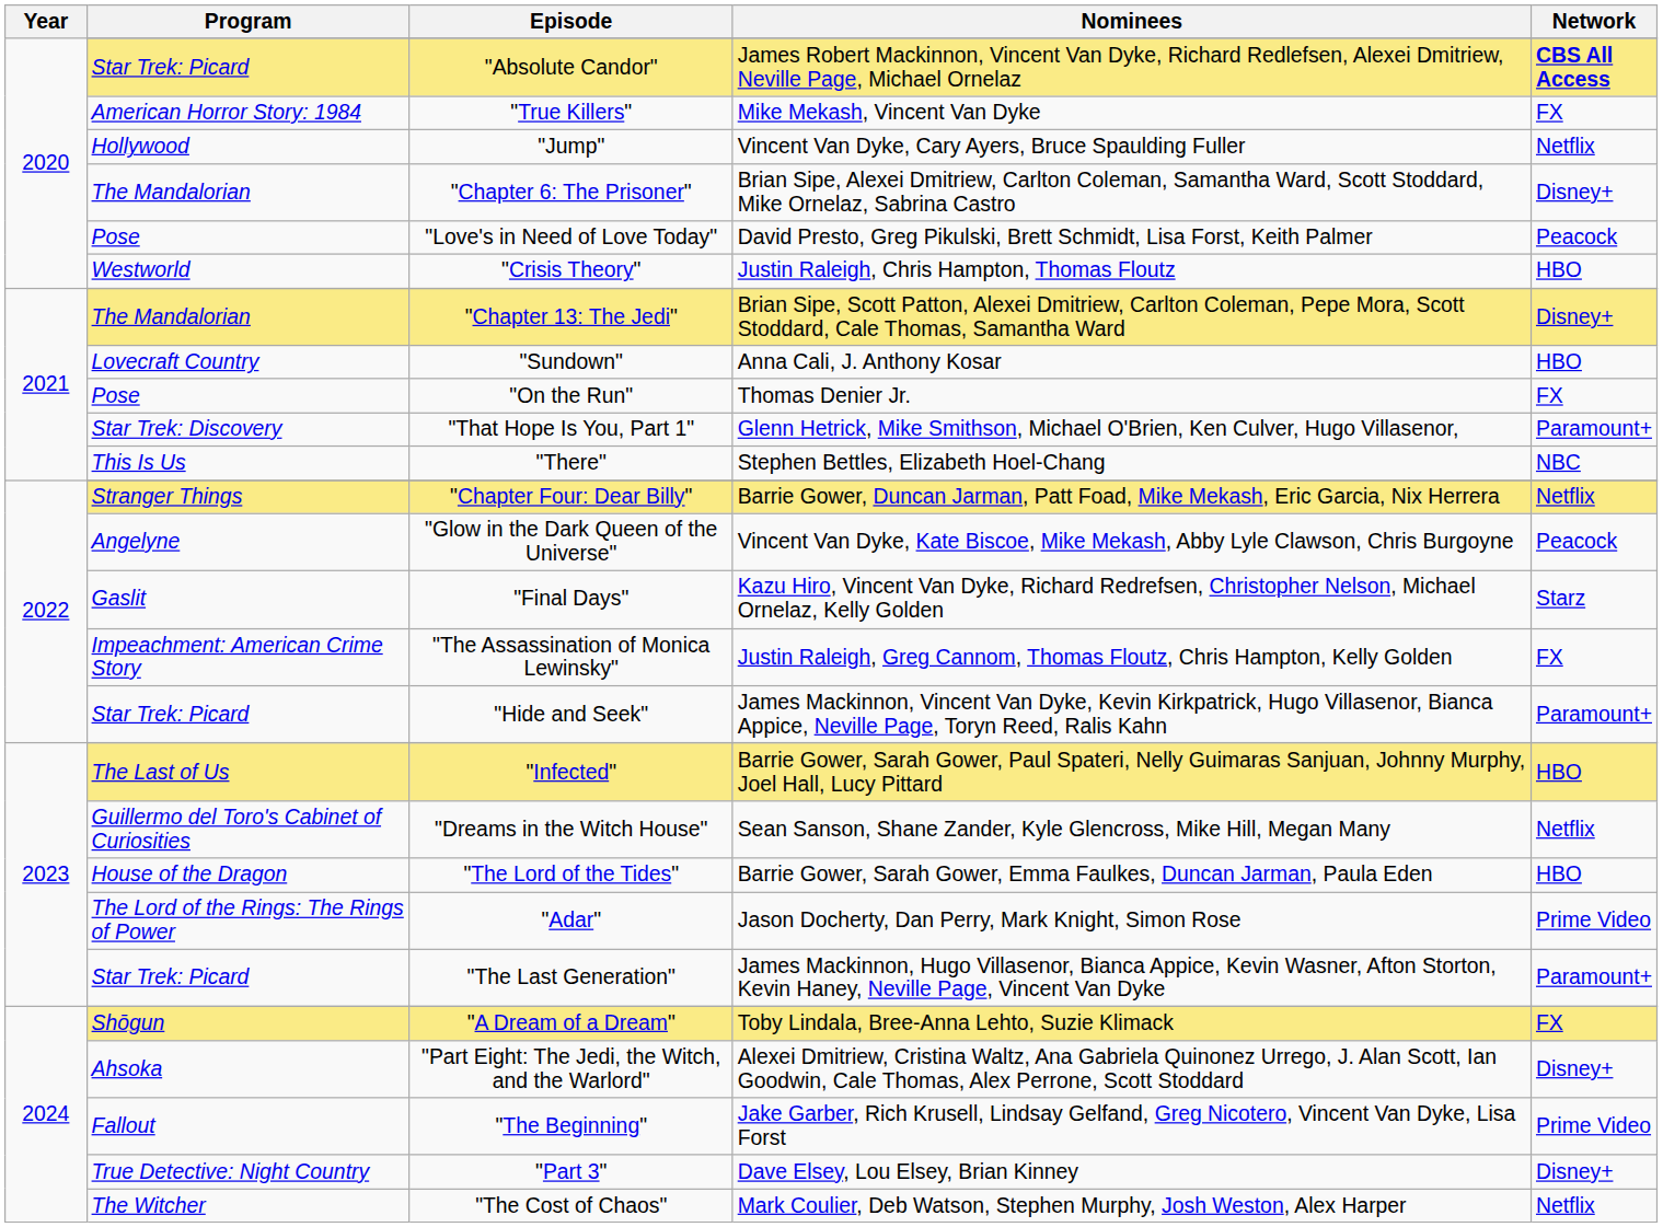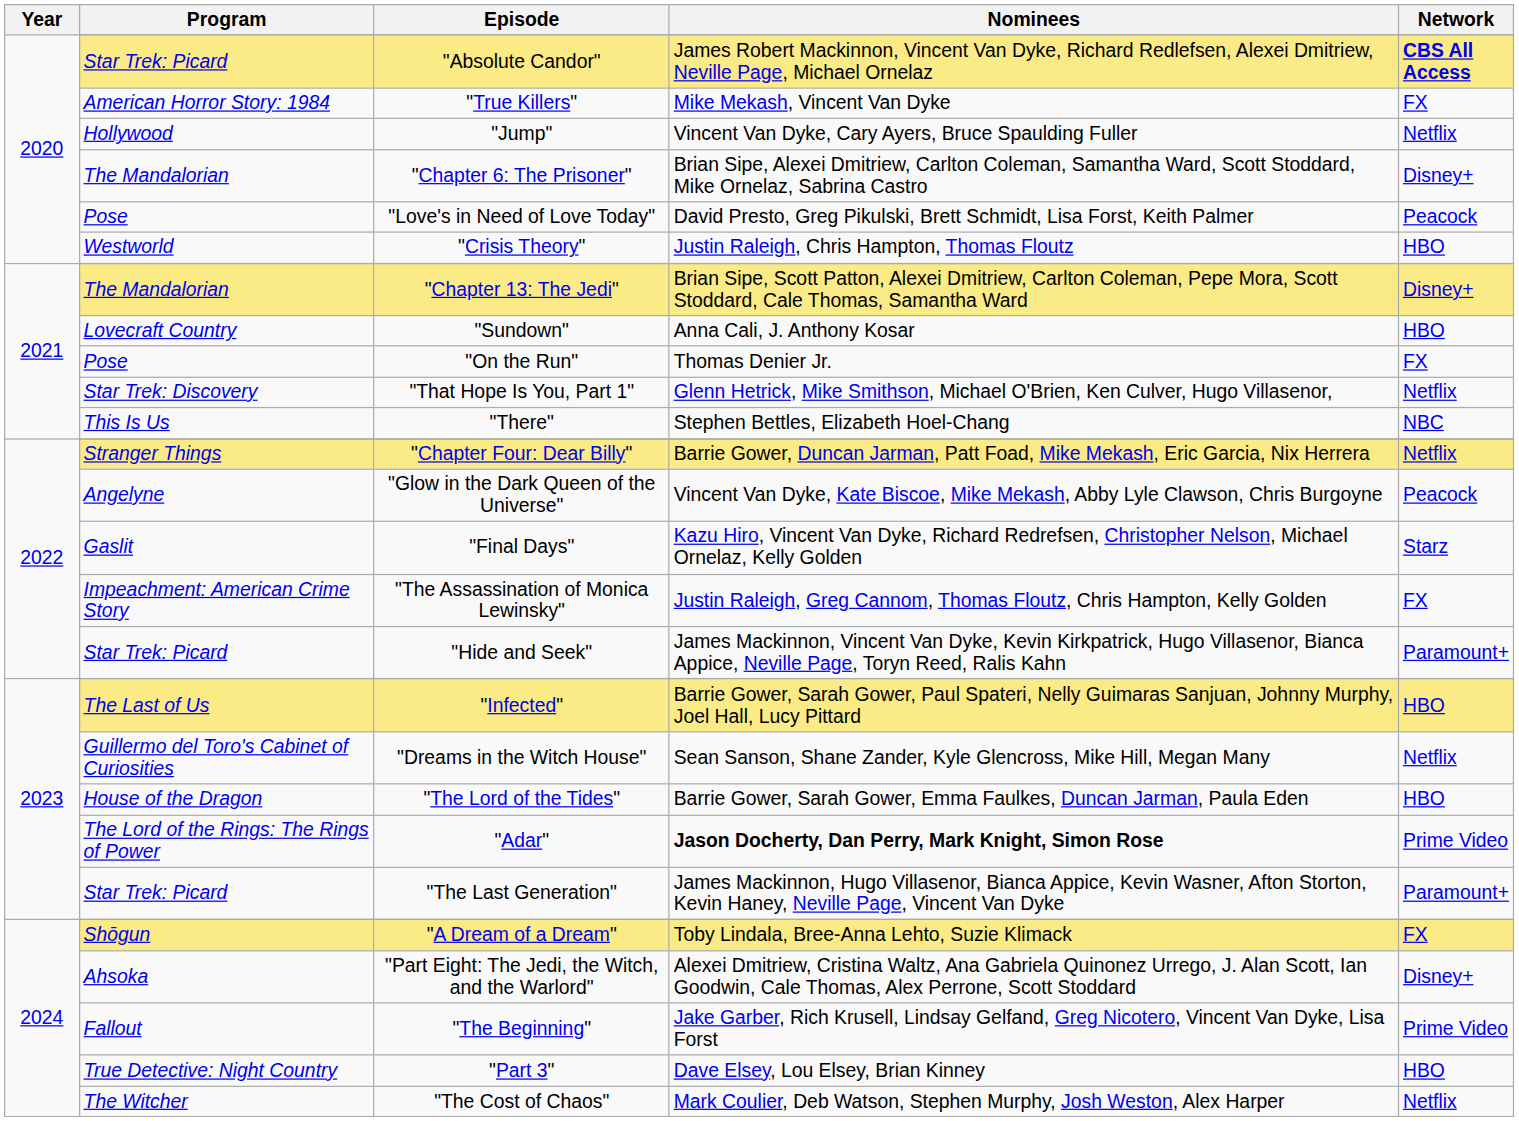 <table class="wikitable">
 <tr>
 <th width="5%">Year</th>
 <th width="20%">Program</th>
 <th width="20%">Episode</th>
 <th width="50%">Nominees</th>
 <th width="5%">Network</th>
 </tr>
 <tr>
 <td rowspan="7" style="text-align:center;"><a href='#'>2020</a><br></td>
 </tr>
 <tr style="background:#FAEB86;">
 <td><em><a href='#'>Star Trek: Picard</a></em></td>
 <td align=center>"Absolute Candor"</td>
 <td>James Robert Mackinnon, Vincent Van Dyke, Richard Redlefsen, Alexei Dmitriew, <a href='#'>Neville Page</a>, Michael Ornelaz</td>
 <td><strong><a href='#'>CBS All Access</a></strong></td>
 </tr>
 <tr>
 <td><em><a href='#'>American Horror Story: 1984</a></em></td>
 <td align=center>"<a href='#'>True Killers</a>"</td>
 <td><a href='#'>Mike Mekash</a>, Vincent Van Dyke</td>
 <td><a href='#'>FX</a></td>
 </tr>
 <tr>
 <td><em><a href='#'>Hollywood</a></em></td>
 <td align=center>"Jump"</td>
 <td>Vincent Van Dyke, Cary Ayers, Bruce Spaulding Fuller</td>
 <td><a href='#'>Netflix</a></td>
 </tr>
 <tr>
 <td><em><a href='#'>The Mandalorian</a></em></td>
 <td align=center>"<a href='#'>Chapter 6: The Prisoner</a>"</td>
 <td>Brian Sipe, Alexei Dmitriew, Carlton Coleman, Samantha Ward, Scott Stoddard, Mike Ornelaz, Sabrina Castro</td>
 <td><a href='#'>Disney+</a></td>
 </tr>
 <tr>
 <td><em><a href='#'>Pose</a></em></td>
 <td align=center>"Love's in Need of Love Today"</td>
 <td>David Presto, Greg Pikulski, Brett Schmidt, Lisa Forst, Keith Palmer</td>
 <td><a href='#'>Peacock</a></td>
 </tr>
 <tr>
 <td><em><a href='#'>Westworld</a></em></td>
 <td align=center>"<a href='#'>Crisis Theory</a>"</td>
 <td><a href='#'>Justin Raleigh</a>, Chris Hampton, <a href='#'>Thomas Floutz</a></td>
 <td><a href='#'>HBO</a></td>
 </tr>
 <tr>
 <td rowspan="6" style="text-align:center;"><a href='#'>2021</a><br></td>
 </tr>
 <tr style="background:#FAEB86;">
 <td><em><a href='#'>The Mandalorian</a></em></td>
 <td align=center>"<a href='#'>Chapter 13: The Jedi</a>"</td>
 <td>Brian Sipe, Scott Patton, Alexei Dmitriew, Carlton Coleman, Pepe Mora, Scott Stoddard, Cale Thomas, Samantha Ward</td>
 <td><a href='#'>Disney+</a></td>
 </tr>
 <tr>
 <td><em><a href='#'>Lovecraft Country</a></em></td>
 <td align=center>"Sundown"</td>
 <td>Anna Cali, J. Anthony Kosar</td>
 <td><a href='#'>HBO</a></td>
 </tr>
 <tr>
 <td><em><a href='#'>Pose</a></em></td>
 <td align=center>"On the Run"</td>
 <td>Thomas Denier Jr.</td>
 <td><a href='#'>FX</a></td>
 </tr>
 <tr>
 <td><em><a href='#'>Star Trek: Discovery</a></em></td>
 <td align=center>"That Hope Is You, Part 1"</td>
 <td><a href='#'>Glenn Hetrick</a>, <a href='#'>Mike Smithson</a>, Michael O'Brien, Ken Culver, Hugo Villasenor,</td>
-<td><a href='#'>Paramount+</a></td>
+<td><a href='#'>Netflix</a></td>
 </tr>
 <tr>
 <td><em><a href='#'>This Is Us</a></em></td>
 <td align=center>"There"</td>
 <td>Stephen Bettles, Elizabeth Hoel-Chang</td>
 <td><a href='#'>NBC</a></td>
 </tr>
 <tr>
 <td rowspan="6" style="text-align:center;"><a href='#'>2022</a><br></td>
 </tr>
 <tr style="background:#FAEB86;">
 <td><em><a href='#'>Stranger Things</a></em></td>
 <td align=center>"<a href='#'>Chapter Four: Dear Billy</a>"</td>
 <td>Barrie Gower, <a href='#'>Duncan Jarman</a>, Patt Foad, <a href='#'>Mike Mekash</a>, Eric Garcia, Nix Herrera</td>
 <td><a href='#'>Netflix</a></td>
 </tr>
 <tr>
 <td><em><a href='#'>Angelyne</a></em></td>
 <td align=center>"Glow in the Dark Queen of the Universe"</td>
 <td>Vincent Van Dyke, <a href='#'>Kate Biscoe</a>, <a href='#'>Mike Mekash</a>, Abby Lyle Clawson, Chris Burgoyne</td>
 <td><a href='#'>Peacock</a></td>
 </tr>
 <tr>
 <td><em><a href='#'>Gaslit</a></em></td>
 <td align=center>"Final Days"</td>
 <td><a href='#'>Kazu Hiro</a>, Vincent Van Dyke, Richard Redrefsen, <a href='#'>Christopher Nelson</a>, Michael Ornelaz, Kelly Golden</td>
 <td><a href='#'>Starz</a></td>
 </tr>
 <tr>
 <td><em><a href='#'>Impeachment: American Crime Story</a></em></td>
 <td align=center>"The Assassination of Monica Lewinsky"</td>
 <td><a href='#'>Justin Raleigh</a>, <a href='#'>Greg Cannom</a>, <a href='#'>Thomas Floutz</a>, Chris Hampton, Kelly Golden</td>
 <td><a href='#'>FX</a></td>
 </tr>
 <tr>
 <td><em><a href='#'>Star Trek: Picard</a></em></td>
 <td align=center>"Hide and Seek"</td>
 <td>James Mackinnon, Vincent Van Dyke, Kevin Kirkpatrick, Hugo Villasenor, Bianca Appice, <a href='#'>Neville Page</a>, Toryn Reed, Ralis Kahn</td>
 <td><a href='#'>Paramount+</a></td>
 </tr>
 <tr>
 <td rowspan="6" style="text-align:center;"><a href='#'>2023</a><br></td>
 </tr>
 <tr style="background:#FAEB86;">
 <td><em><a href='#'>The Last of Us</a></em></td>
 <td align=center>"<a href='#'>Infected</a>"</td>
 <td>Barrie Gower, Sarah Gower, Paul Spateri, Nelly Guimaras Sanjuan, Johnny Murphy, Joel Hall, Lucy Pittard</td>
 <td><a href='#'>HBO</a></td>
 </tr>
 <tr>
 <td><em><a href='#'>Guillermo del Toro's Cabinet of Curiosities</a></em></td>
 <td align=center>"Dreams in the Witch House"</td>
 <td>Sean Sanson, Shane Zander, Kyle Glencross, Mike Hill, Megan Many</td>
 <td><a href='#'>Netflix</a></td>
 </tr>
 <tr>
 <td><em><a href='#'>House of the Dragon</a></em></td>
 <td align=center>"<a href='#'>The Lord of the Tides</a>"</td>
 <td>Barrie Gower, Sarah Gower, Emma Faulkes, <a href='#'>Duncan Jarman</a>, Paula Eden</td>
 <td><a href='#'>HBO</a></td>
 </tr>
 <tr>
 <td><em><a href='#'>The Lord of the Rings: The Rings of Power</a></em></td>
 <td align=center>"<a href='#'>Adar</a>"</td>
-<td>Jason Docherty, Dan Perry, Mark Knight, Simon Rose</td>
+<td><strong>Jason Docherty, Dan Perry, Mark Knight, Simon Rose</strong></td>
 <td><a href='#'>Prime Video</a></td>
 </tr>
 <tr>
 <td><em><a href='#'>Star Trek: Picard</a></em></td>
 <td align=center>"The Last Generation"</td>
 <td>James Mackinnon, Hugo Villasenor, Bianca Appice, Kevin Wasner, Afton Storton, Kevin Haney, <a href='#'>Neville Page</a>, Vincent Van Dyke</td>
 <td><a href='#'>Paramount+</a></td>
 </tr>
 <tr>
 <td rowspan="6" style="text-align:center;"><a href='#'>2024</a><br></td>
 </tr>
 <tr style="background:#FAEB86;">
 <td><em><a href='#'>Shōgun</a></em></td>
 <td align=center>"<a href='#'>A Dream of a Dream</a>"</td>
 <td>Toby Lindala, Bree-Anna Lehto, Suzie Klimack</td>
 <td><a href='#'>FX</a></td>
 </tr>
 <tr>
 <td><em><a href='#'>Ahsoka</a></em></td>
 <td align=center>"Part Eight: The Jedi, the Witch, and the Warlord"</td>
 <td>Alexei Dmitriew, Cristina Waltz, Ana Gabriela Quinonez Urrego, J. Alan Scott, Ian Goodwin, Cale Thomas, Alex Perrone, Scott Stoddard</td>
 <td><a href='#'>Disney+</a></td>
 </tr>
 <tr>
 <td><em><a href='#'>Fallout</a></em></td>
 <td align=center>"<a href='#'>The Beginning</a>"</td>
 <td><a href='#'>Jake Garber</a>, Rich Krusell, Lindsay Gelfand, <a href='#'>Greg Nicotero</a>, Vincent Van Dyke, Lisa Forst</td>
 <td><a href='#'>Prime Video</a></td>
 </tr>
 <tr>
 <td><em><a href='#'>True Detective: Night Country</a></em></td>
 <td align=center>"<a href='#'>Part 3</a>"</td>
 <td><a href='#'>Dave Elsey</a>, Lou Elsey, Brian Kinney</td>
-<td><a href='#'>Disney+</a></td>
+<td><a href='#'>HBO</a></td>
 </tr>
 <tr>
 <td><em><a href='#'>The Witcher</a></em></td>
 <td align=center>"The Cost of Chaos"</td>
 <td><a href='#'>Mark Coulier</a>, Deb Watson, Stephen Murphy, <a href='#'>Josh Weston</a>, Alex Harper</td>
 <td><a href='#'>Netflix</a></td>
 </tr>
 </table>
